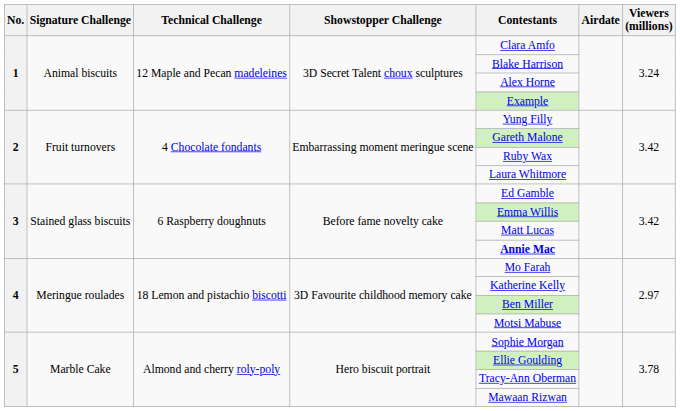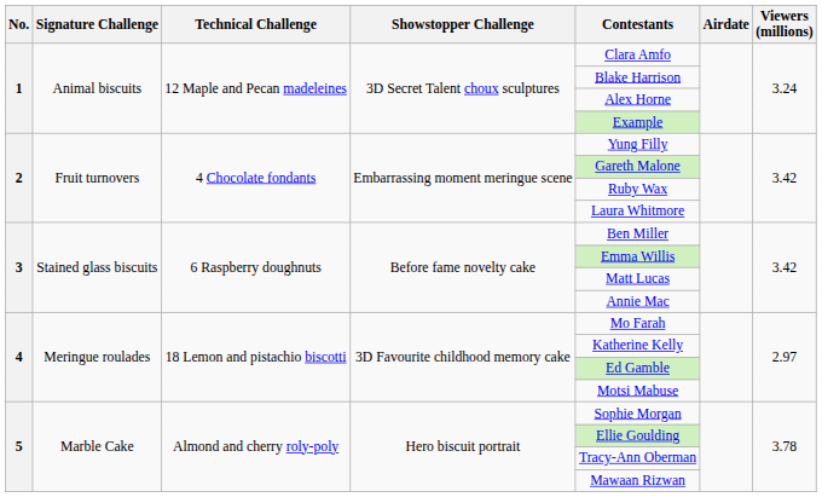 <table class="wikitable" style="text-align:center;">
 <tr>
 <th scope="col">No.</th>
 <th scope="col">Signature Challenge</th>
 <th scope="col">Technical Challenge</th>
 <th scope="col">Showstopper Challenge</th>
 <th scope="col">Contestants</th>
 <th scope="col">Airdate</th>
 <th scope="col">Viewers<br>(millions)</th>
 </tr>
 <tr>
 <th scope="rowgroup" rowspan=4>1</th>
 <td rowspan=4>Animal biscuits</td>
 <td rowspan=4>12 Maple and Pecan <a href='#'>madeleines</a></td>
 <td rowspan=4>3D Secret Talent <a href='#'>choux</a> sculptures</td>
 <td><a href='#'>Clara Amfo</a></td>
 <td rowspan=4></td>
 <td rowspan=4>3.24</td>
 </tr>
 <tr>
 <td><a href='#'>Blake Harrison</a></td>
 </tr>
 <tr>
 <td><a href='#'>Alex Horne</a></td>
 </tr>
 <tr style="background:#d0f0c0">
 <td><a href='#'>Example</a></td>
 </tr>
 <tr>
 <th scope="rowgroup" rowspan=4>2</th>
 <td rowspan=4>Fruit turnovers</td>
 <td rowspan=4>4 <a href='#'>Chocolate fondants</a></td>
 <td rowspan=4>Embarrassing moment meringue scene</td>
 <td><a href='#'>Yung Filly</a></td>
 <td rowspan=4></td>
 <td rowspan=4>3.42</td>
 </tr>
 <tr style="background:#d0f0c0">
 <td><a href='#'>Gareth Malone</a></td>
 </tr>
 <tr>
 <td><a href='#'>Ruby Wax</a></td>
 </tr>
 <tr>
 <td><a href='#'>Laura Whitmore</a></td>
 </tr>
 <tr>
 <th scope="rowgroup" rowspan=4>3</th>
 <td rowspan=4>Stained glass biscuits</td>
 <td rowspan=4>6 Raspberry doughnuts</td>
 <td rowspan=4>Before fame novelty cake</td>
-<td><a href='#'>Ed Gamble</a></td>
+<td><a href='#'>Ben Miller</a></td>
 <td rowspan=4></td>
 <td rowspan=4>3.42</td>
 </tr>
 <tr style="background:#d0f0c0">
 <td><a href='#'>Emma Willis</a></td>
 </tr>
 <tr>
 <td><a href='#'>Matt Lucas</a></td>
 </tr>
 <tr>
-<td><strong><a href='#'>Annie Mac</a></strong></td>
+<td><a href='#'>Annie Mac</a></td>
 </tr>
 <tr>
 <th scope="rowgroup" rowspan=4>4</th>
 <td rowspan=4>Meringue roulades</td>
 <td rowspan=4>18 Lemon and pistachio <a href='#'>biscotti</a></td>
 <td rowspan=4>3D Favourite childhood memory cake</td>
 <td><a href='#'>Mo Farah</a></td>
 <td rowspan=4></td>
 <td rowspan=4>2.97</td>
 </tr>
 <tr>
 <td><a href='#'>Katherine Kelly</a></td>
 </tr>
 <tr style="background:#d0f0c0">
-<td><a href='#'>Ben Miller</a></td>
+<td><a href='#'>Ed Gamble</a></td>
 </tr>
 <tr>
 <td><a href='#'>Motsi Mabuse</a></td>
 </tr>
 <tr>
 <th scope="rowgroup" rowspan=4>5</th>
 <td rowspan=4>Marble Cake</td>
 <td rowspan=4>Almond and cherry <a href='#'>roly-poly</a></td>
 <td rowspan=4>Hero biscuit portrait</td>
 <td><a href='#'>Sophie Morgan</a></td>
 <td rowspan=4></td>
 <td rowspan=4>3.78</td>
 </tr>
 <tr style="background:#d0f0c0">
 <td><a href='#'>Ellie Goulding</a></td>
 </tr>
 <tr>
 <td><a href='#'>Tracy-Ann Oberman</a></td>
 </tr>
 <tr>
 <td><a href='#'>Mawaan Rizwan</a></td>
 </tr>
 </table>
